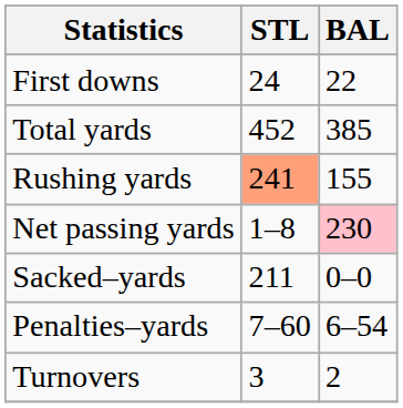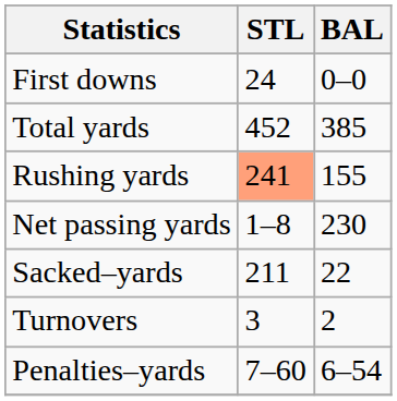 <table class="wikitable" style="float: left;">
 <tr>
 <th>Statistics</th>
 <th>STL</th>
 <th>BAL</th>
 </tr>
 <tr>
 <td>First downs</td>
 <td>24</td>
-<td>22</td>
+<td>0–0</td>
 </tr>
 <tr>
 <td>Total yards</td>
 <td>452</td>
 <td>385</td>
 </tr>
 <tr>
 <td>Rushing yards</td>
 <td style="background: lightsalmon;">241</td>
 <td>155</td>
 </tr>
 <tr>
 <td>Net passing yards</td>
 <td>1–8</td>
-<td style="background: pink;">230</td>
+<td>230</td>
 </tr>
 <tr>
 <td>Sacked–yards</td>
 <td>211</td>
-<td>0–0</td>
+<td>22</td>
+</tr>
+<tr>
+<td>Turnovers</td>
+<td>3</td>
+<td>2</td>
 </tr>
 <tr>
 <td>Penalties–yards</td>
 <td>7–60</td>
 <td>6–54</td>
 </tr>
 <tr>
-<td>Turnovers</td>
-<td>3</td>
-<td>2</td>
-</tr>
-<tr>
 </tr>
 </table>
